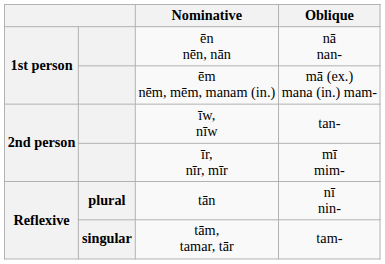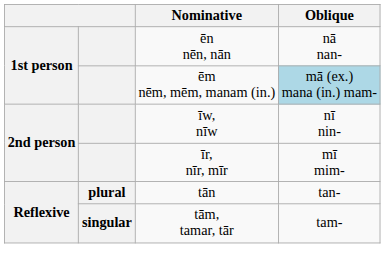 <table class="wikitable" style="text-align:center">
 <tr>
 <th colspan="2"></th>
 <th>Nominative</th>
 <th>Oblique</th>
 </tr>
 <tr>
 <th rowspan="2">1st person</th>
 <th></th>
 <td>ēn<br>nēn, nān</td>
 <td>nā<br>nan-</td>
 </tr>
 <tr>
 <th colspan="1"></th>
 <td>ēm<br>nēm, mēm, manam (in.)</td>
-<td>mā (ex.)<br>mana (in.) mam-</td>
+<td style="background: lightblue;">mā (ex.)<br>mana (in.) mam-</td>
 </tr>
 <tr>
 <th rowspan="2">2nd person</th>
 <th colspan="1"></th>
 <td>īw,<br>nīw</td>
-<td>tan-</td>
+<td>nī<br>nin-</td>
 </tr>
 <tr>
 <th colspan="1"></th>
 <td>īr,<br>nīr, mīr</td>
 <td>mī<br>mim-</td>
 </tr>
 <tr>
 <th rowspan="2">Reflexive</th>
 <th>plural</th>
 <td>tān</td>
-<td>nī<br>nin-</td>
+<td>tan-</td>
 </tr>
 <tr>
 <th>singular</th>
 <td>tām,<br>tamar, tār</td>
 <td>tam-</td>
 </tr>
 </table>
